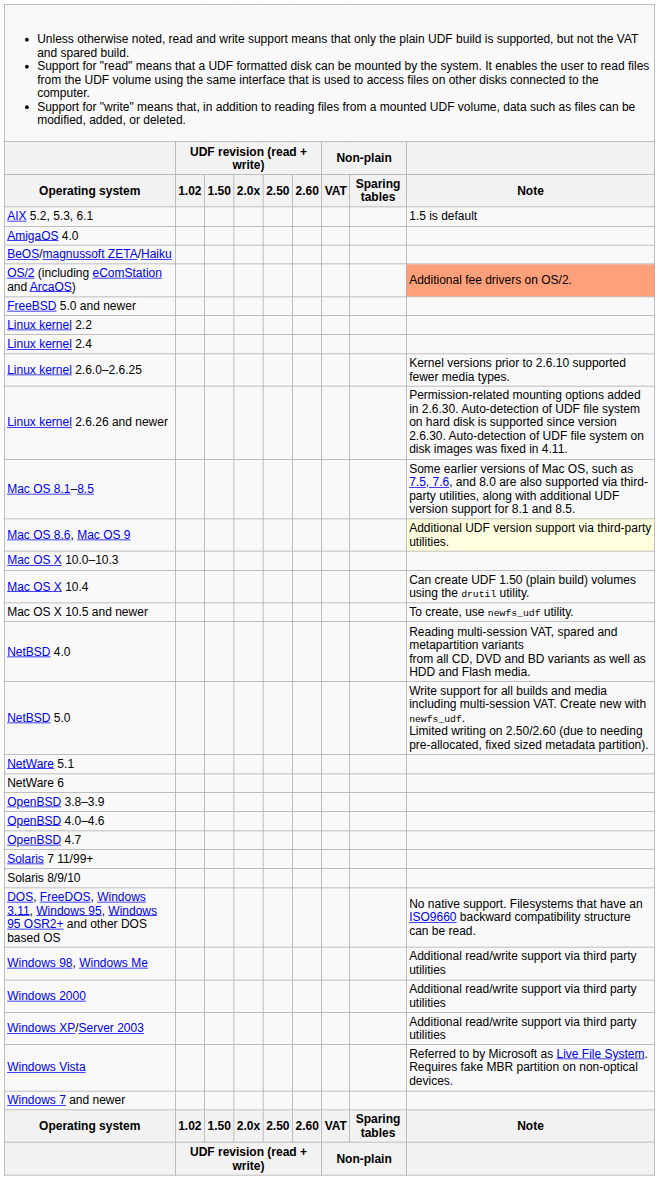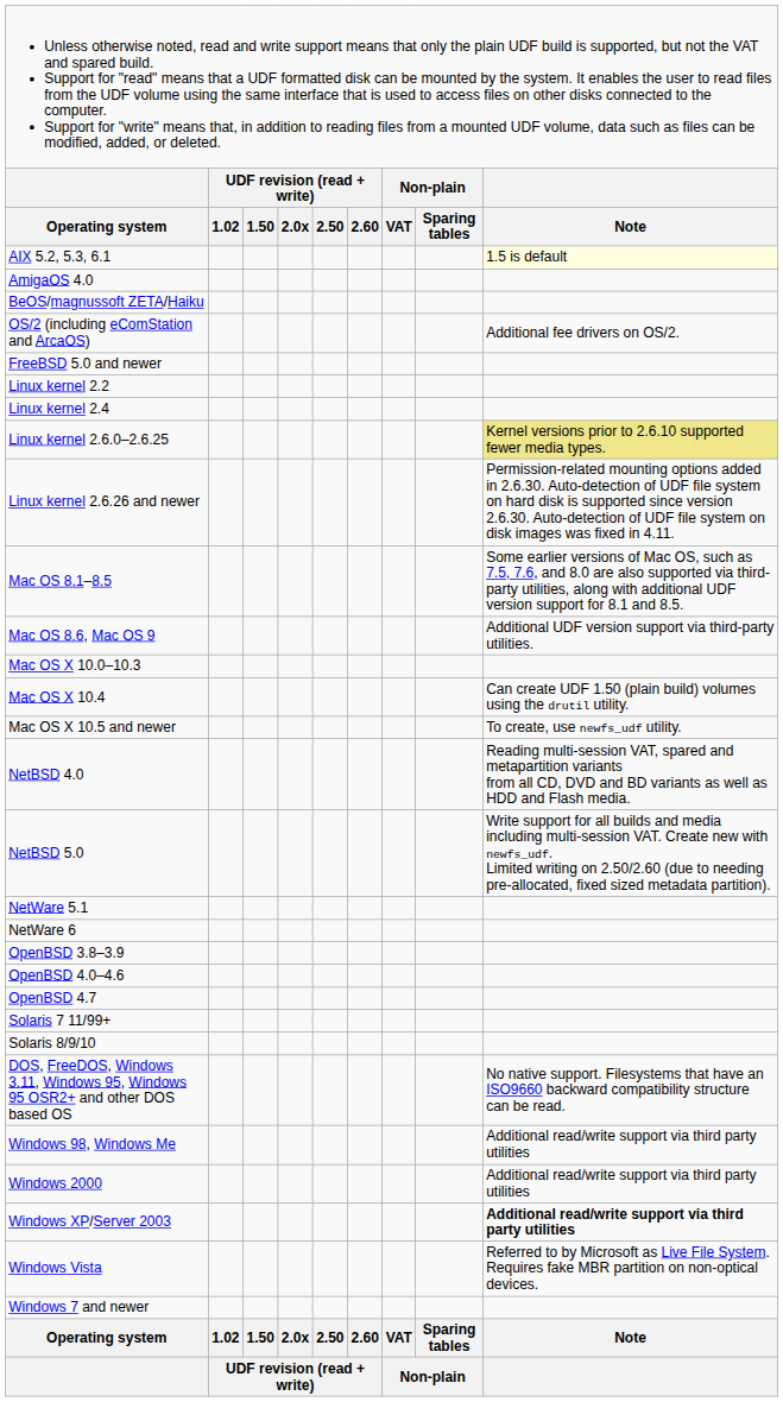 <table class="wikitable sortable">
 <tr>
 <td colspan=10><br><ul><li>Unless otherwise noted, read and write support means that only the plain UDF build is supported, but not the VAT and spared build.</li><li>Support for "read" means that a UDF formatted disk can be mounted by the system. It enables the user to read files from the UDF volume using the same interface that is used to access files on other disks connected to the computer.</li><li>Support for "write" means that, in addition to reading files from a mounted UDF volume, data such as files can be modified, added, or deleted.</li></ul></td>
 </tr>
 <tr>
 <th></th>
 <th colspan="5">UDF revision (read + write)</th>
 <th colspan="2">Non-plain</th>
 <th></th>
 </tr>
 <tr>
 <th>Operating system</th>
 <th>1.02</th>
 <th>1.50</th>
 <th>2.0x</th>
 <th>2.50</th>
 <th>2.60</th>
 <th>VAT</th>
 <th>Sparing tables</th>
 <th>Note</th>
 </tr>
 <tr>
 <td><a href='#'>AIX</a> 5.2, 5.3, 6.1</td>
 <td></td>
 <td></td>
 <td></td>
 <td></td>
 <td></td>
 <td></td>
 <td></td>
-<td>1.5 is default</td>
+<td style="background: lightyellow;">1.5 is default</td>
 </tr>
 <tr>
 <td><a href='#'>AmigaOS</a> 4.0</td>
 <td></td>
 <td></td>
 <td></td>
 <td></td>
 <td></td>
 <td></td>
 <td></td>
 <td></td>
 </tr>
 <tr>
 <td><a href='#'>BeOS</a>/<a href='#'>magnussoft ZETA</a>/<a href='#'>Haiku</a></td>
 <td></td>
 <td></td>
 <td></td>
 <td></td>
 <td></td>
 <td></td>
 <td></td>
 <td></td>
 </tr>
 <tr>
 <td><a href='#'>OS/2</a> (including <a href='#'>eComStation</a> and <a href='#'>ArcaOS</a>)</td>
 <td></td>
 <td></td>
 <td></td>
 <td></td>
 <td></td>
 <td></td>
 <td></td>
-<td style="background: lightsalmon;">Additional fee drivers on OS/2.</td>
+<td>Additional fee drivers on OS/2.</td>
 </tr>
 <tr>
 <td><a href='#'>FreeBSD</a> 5.0 and newer</td>
 <td></td>
 <td></td>
 <td></td>
 <td></td>
 <td></td>
 <td></td>
 <td></td>
 <td></td>
 </tr>
 <tr>
 <td><a href='#'>Linux kernel</a> 2.2</td>
 <td></td>
 <td></td>
 <td></td>
 <td></td>
 <td></td>
 <td></td>
 <td></td>
 <td></td>
 </tr>
 <tr>
 <td><a href='#'>Linux kernel</a> 2.4</td>
 <td></td>
 <td></td>
 <td></td>
 <td></td>
 <td></td>
 <td></td>
 <td></td>
 <td></td>
 </tr>
 <tr>
 <td><a href='#'>Linux kernel</a> 2.6.0–2.6.25</td>
 <td></td>
 <td></td>
 <td></td>
 <td></td>
 <td></td>
 <td></td>
 <td></td>
-<td>Kernel versions prior to 2.6.10 supported fewer media types.</td>
+<td style="background: khaki;">Kernel versions prior to 2.6.10 supported fewer media types.</td>
 </tr>
 <tr>
 <td><a href='#'>Linux kernel</a> 2.6.26 and newer</td>
 <td></td>
 <td></td>
 <td></td>
 <td></td>
 <td></td>
 <td></td>
 <td></td>
 <td>Permission-related mounting options added in 2.6.30. Auto-detection of UDF file system on hard disk is supported since version 2.6.30. Auto-detection of UDF file system on disk images was fixed in 4.11.</td>
 </tr>
 <tr>
 <td><a href='#'>Mac OS 8.1</a>–<a href='#'>8.5</a></td>
 <td></td>
 <td></td>
 <td></td>
 <td></td>
 <td></td>
 <td></td>
 <td></td>
 <td>Some earlier versions of Mac OS, such as <a href='#'>7.5, 7.6</a>, and 8.0 are also supported via third-party utilities, along with additional UDF version support for 8.1 and 8.5.</td>
 </tr>
 <tr>
 <td><a href='#'>Mac OS 8.6</a>, <a href='#'>Mac OS 9</a></td>
 <td></td>
 <td></td>
 <td></td>
 <td></td>
 <td></td>
 <td></td>
 <td></td>
-<td style="background: lightyellow;">Additional UDF version support via third-party utilities.</td>
+<td>Additional UDF version support via third-party utilities.</td>
 </tr>
 <tr>
 <td><a href='#'>Mac OS X</a> 10.0–10.3</td>
 <td></td>
 <td></td>
 <td></td>
 <td></td>
 <td></td>
 <td></td>
 <td></td>
 <td></td>
 </tr>
 <tr>
 <td><a href='#'>Mac OS X</a> 10.4</td>
 <td></td>
 <td></td>
 <td></td>
 <td></td>
 <td></td>
 <td></td>
 <td></td>
 <td>Can create UDF 1.50 (plain build) volumes using the <code>drutil</code> utility.</td>
 </tr>
 <tr>
 <td>Mac OS X 10.5 and newer</td>
 <td></td>
 <td></td>
 <td></td>
 <td></td>
 <td></td>
 <td></td>
 <td></td>
 <td>To create, use <code>newfs_udf</code> utility.</td>
 </tr>
 <tr>
 <td><a href='#'>NetBSD</a> 4.0</td>
 <td></td>
 <td></td>
 <td></td>
 <td></td>
 <td></td>
 <td></td>
 <td></td>
 <td>Reading multi-session VAT, spared and metapartition variants<br> from all CD, DVD and BD variants as well as HDD and Flash media.</td>
 </tr>
 <tr>
 <td><a href='#'>NetBSD</a> 5.0</td>
 <td></td>
 <td></td>
 <td></td>
 <td></td>
 <td></td>
 <td></td>
 <td></td>
 <td>Write support for all builds and media including multi-session VAT. Create new with <code>newfs_udf</code>.<br>Limited writing on 2.50/2.60 (due to needing pre-allocated, fixed sized metadata partition).</td>
 </tr>
 <tr>
 <td><a href='#'>NetWare</a> 5.1</td>
 <td></td>
 <td></td>
 <td></td>
 <td></td>
 <td></td>
 <td></td>
 <td></td>
 <td></td>
 </tr>
 <tr>
 <td>NetWare 6</td>
 <td></td>
 <td></td>
 <td></td>
 <td></td>
 <td></td>
 <td></td>
 <td></td>
 <td></td>
 </tr>
 <tr>
 <td><a href='#'>OpenBSD</a> 3.8–3.9</td>
 <td></td>
 <td></td>
 <td></td>
 <td></td>
 <td></td>
 <td></td>
 <td></td>
 <td></td>
 </tr>
 <tr>
 <td><a href='#'>OpenBSD</a> 4.0–4.6</td>
 <td></td>
 <td></td>
 <td></td>
 <td></td>
 <td></td>
 <td></td>
 <td></td>
 <td></td>
 </tr>
 <tr>
 <td><a href='#'>OpenBSD</a> 4.7</td>
 <td></td>
 <td></td>
 <td></td>
 <td></td>
 <td></td>
 <td></td>
 <td></td>
 <td></td>
 </tr>
 <tr>
 <td><a href='#'>Solaris</a> 7 11/99+</td>
 <td></td>
 <td></td>
 <td></td>
 <td></td>
 <td></td>
 <td></td>
 <td></td>
 <td></td>
 </tr>
 <tr>
 <td>Solaris 8/9/10</td>
 <td></td>
 <td></td>
 <td></td>
 <td></td>
 <td></td>
 <td></td>
 <td></td>
 <td></td>
 </tr>
 <tr>
 <td><a href='#'>DOS</a>, <a href='#'>FreeDOS</a>, <a href='#'>Windows 3.11</a>, <a href='#'>Windows 95</a>, <a href='#'>Windows 95 OSR2+</a> and other DOS based OS</td>
 <td></td>
 <td></td>
 <td></td>
 <td></td>
 <td></td>
 <td></td>
 <td></td>
 <td>No native support. Filesystems that have an <a href='#'>ISO9660</a> backward compatibility structure can be read.</td>
 </tr>
 <tr>
 <td><a href='#'>Windows 98</a>, <a href='#'>Windows Me</a></td>
 <td></td>
 <td></td>
 <td></td>
 <td></td>
 <td></td>
 <td></td>
 <td></td>
 <td>Additional read/write support via third party utilities</td>
 </tr>
 <tr>
 <td><a href='#'>Windows 2000</a></td>
 <td></td>
 <td></td>
 <td></td>
 <td></td>
 <td></td>
 <td></td>
 <td></td>
 <td>Additional read/write support via third party utilities</td>
 </tr>
 <tr>
 <td><a href='#'>Windows XP</a>/<a href='#'>Server 2003</a></td>
 <td></td>
 <td></td>
 <td></td>
 <td></td>
 <td></td>
 <td></td>
 <td></td>
-<td>Additional read/write support via third party utilities</td>
+<td><strong>Additional read/write support via third party utilities</strong></td>
 </tr>
 <tr>
 <td><a href='#'>Windows Vista</a></td>
 <td></td>
 <td></td>
 <td></td>
 <td></td>
 <td></td>
 <td></td>
 <td></td>
 <td>Referred to by Microsoft as <a href='#'>Live File System</a>. Requires fake MBR partition on non-optical devices.</td>
 </tr>
 <tr>
 <td><a href='#'>Windows 7</a> and newer</td>
 <td></td>
 <td></td>
 <td></td>
 <td></td>
 <td></td>
 <td></td>
 <td></td>
 <td></td>
 </tr>
 <tr>
 <th>Operating system</th>
 <th>1.02</th>
 <th>1.50</th>
 <th>2.0x</th>
 <th>2.50</th>
 <th>2.60</th>
 <th>VAT</th>
 <th>Sparing tables</th>
 <th>Note</th>
 </tr>
 <tr>
 <th></th>
 <th colspan="5">UDF revision (read + write)</th>
 <th colspan="2">Non-plain</th>
 <th></th>
 </tr>
 </table>
